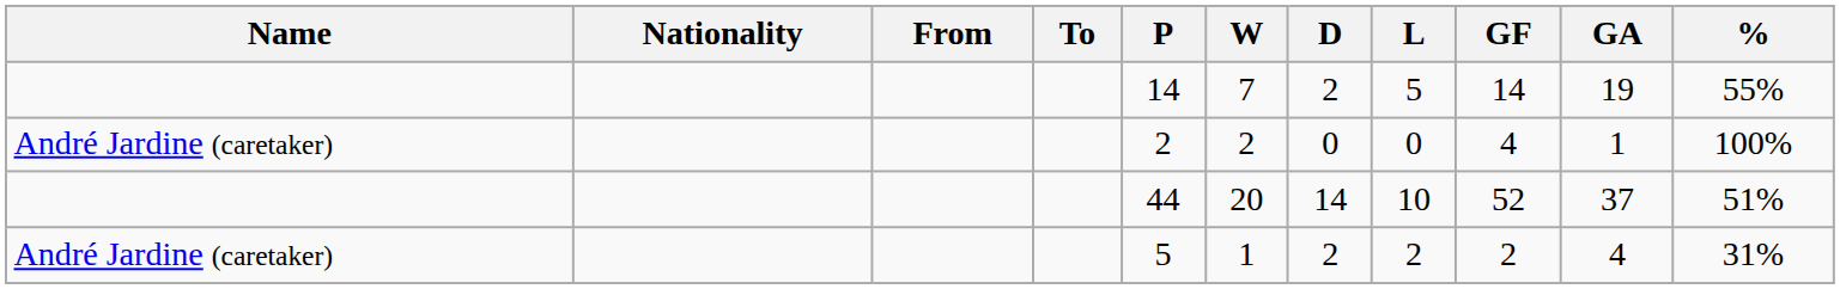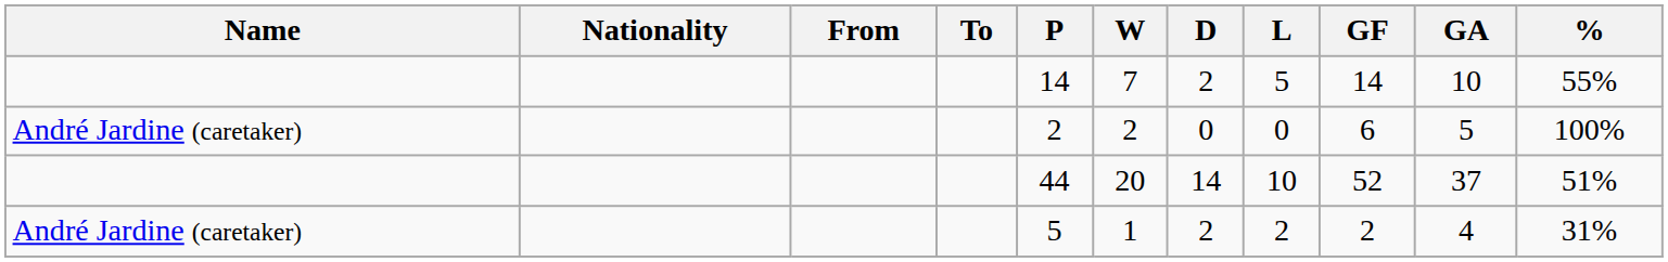 <table class="wikitable sortable" style="width:62%; text-align:center; font-size:90%; text-align:left;">
 <tr>
 <th>Name</th>
 <th>Nationality</th>
 <th>From</th>
 <th>To</th>
 <th>P</th>
 <th>W</th>
 <th>D</th>
 <th>L</th>
 <th>GF</th>
 <th>GA</th>
 <th>%</th>
 </tr>
 <tr>
 <td align=left></td>
 <td></td>
 <td align=left></td>
 <td align=left></td>
 <td align=center>14</td>
 <td align=center>7</td>
 <td align=center>2</td>
 <td align=center>5</td>
 <td align=center>14</td>
-<td align=center>19</td>
+<td align=center>10</td>
 <td align=center>55%</td>
 </tr>
 <tr>
 <td align=left><a href='#'>André Jardine</a> <small>(caretaker)</small></td>
 <td></td>
 <td align=left></td>
 <td align=left></td>
 <td align=center>2</td>
 <td align=center>2</td>
 <td align=center>0</td>
 <td align=center>0</td>
-<td align=center>4</td>
-<td align=center>1</td>
+<td align=center>6</td>
+<td align=center>5</td>
 <td align=center>100%</td>
 </tr>
 <tr>
 <td align=left></td>
 <td></td>
 <td align=left></td>
 <td align=left></td>
 <td align=center>44</td>
 <td align=center>20</td>
 <td align=center>14</td>
 <td align=center>10</td>
 <td align=center>52</td>
 <td align=center>37</td>
 <td align=center>51%</td>
 </tr>
 <tr>
 <td align=left><a href='#'>André Jardine</a> <small>(caretaker)</small></td>
 <td></td>
 <td align=left></td>
 <td align=left></td>
 <td align=center>5</td>
 <td align=center>1</td>
 <td align=center>2</td>
 <td align=center>2</td>
 <td align=center>2</td>
 <td align=center>4</td>
 <td align=center>31%</td>
 </tr>
 </table>
